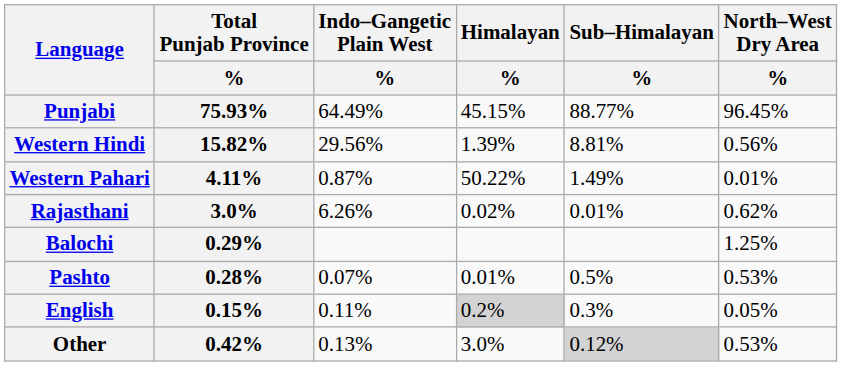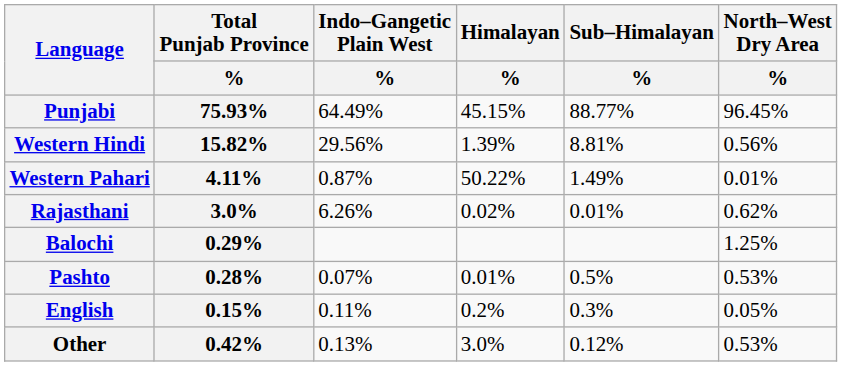 <table class="wikitable sortable">
 <tr>
 <th rowspan="2"><a href='#'>Language</a></th>
 <th colspan="1">Total<br>Punjab Province</th>
 <th colspan="1">Indo–Gangetic<br>Plain West</th>
 <th colspan="1">Himalayan</th>
 <th colspan="1">Sub–Himalayan</th>
 <th colspan="1">North–West<br>Dry Area</th>
 </tr>
 <tr>
 <th>%</th>
 <th>%</th>
 <th>%</th>
 <th>%</th>
 <th>%</th>
 </tr>
 <tr>
 <th><a href='#'>Punjabi</a></th>
 <th>75.93%</th>
 <td>64.49%</td>
 <td>45.15%</td>
 <td>88.77%</td>
 <td>96.45%</td>
 </tr>
 <tr>
 <th><a href='#'>Western Hindi</a></th>
 <th>15.82%</th>
 <td>29.56%</td>
 <td>1.39%</td>
 <td>8.81%</td>
 <td>0.56%</td>
 </tr>
 <tr>
 <th><a href='#'>Western Pahari</a></th>
 <th>4.11%</th>
 <td>0.87%</td>
 <td>50.22%</td>
 <td>1.49%</td>
 <td>0.01%</td>
 </tr>
 <tr>
 <th><a href='#'>Rajasthani</a></th>
 <th>3.0%</th>
 <td>6.26%</td>
 <td>0.02%</td>
 <td>0.01%</td>
 <td>0.62%</td>
 </tr>
 <tr>
 <th><a href='#'>Balochi</a></th>
 <th>0.29%</th>
 <td></td>
 <td></td>
 <td></td>
 <td>1.25%</td>
 </tr>
 <tr>
 <th><a href='#'>Pashto</a></th>
 <th>0.28%</th>
 <td>0.07%</td>
 <td>0.01%</td>
 <td>0.5%</td>
 <td>0.53%</td>
 </tr>
 <tr>
 <th><a href='#'>English</a></th>
 <th>0.15%</th>
 <td>0.11%</td>
-<td style="background: lightgrey;">0.2%</td>
+<td>0.2%</td>
 <td>0.3%</td>
 <td>0.05%</td>
 </tr>
 <tr>
 <th>Other</th>
 <th>0.42%</th>
 <td>0.13%</td>
 <td>3.0%</td>
-<td style="background: lightgrey;">0.12%</td>
+<td>0.12%</td>
 <td>0.53%</td>
 </tr>
 </table>
